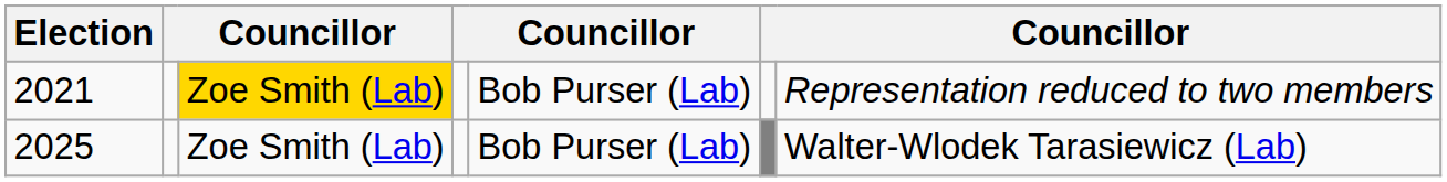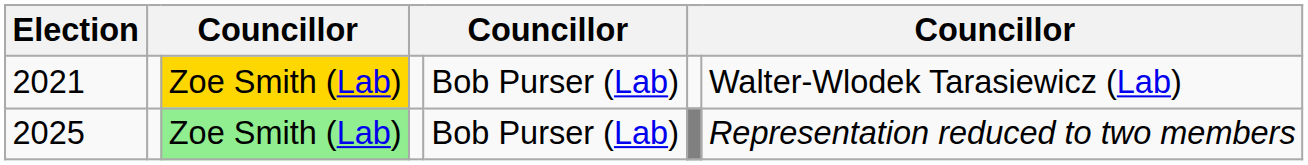 <table class="wikitable">
 <tr>
 <th>Election</th>
 <th colspan="2">Councillor</th>
 <th colspan="2">Councillor</th>
 <th colspan="2">Councillor</th>
 </tr>
 <tr>
 <td>2021</td>
 <td style="background-color: "></td>
 <td style="background: gold;">Zoe Smith  (<a href='#'>Lab</a>)</td>
 <td style="background-color: "></td>
 <td>Bob Purser  (<a href='#'>Lab</a>)</td>
 <td style="background-color: "></td>
-<td><em>Representation reduced to two members</em></td>
+<td>Walter-Wlodek Tarasiewicz (<a href='#'>Lab</a>)</td>
 </tr>
 <tr>
 <td>2025</td>
 <td style="background-color: "></td>
-<td>Zoe Smith (<a href='#'>Lab</a>)</td>
+<td style="background: lightgreen;">Zoe Smith (<a href='#'>Lab</a>)</td>
 <td style="background-color: "></td>
 <td>Bob Purser (<a href='#'>Lab</a>)</td>
 <td style="background-color: grey"></td>
-<td>Walter-Wlodek Tarasiewicz (<a href='#'>Lab</a>)</td>
+<td><em>Representation reduced to two members</em></td>
 </tr>
 </table>
